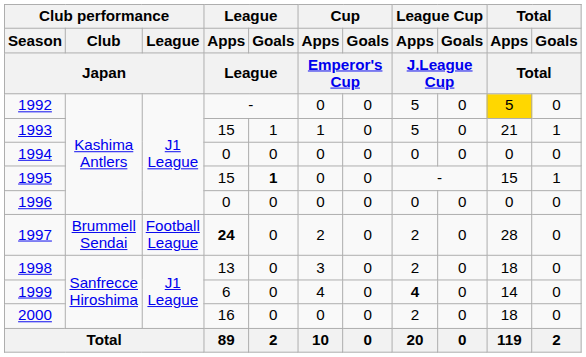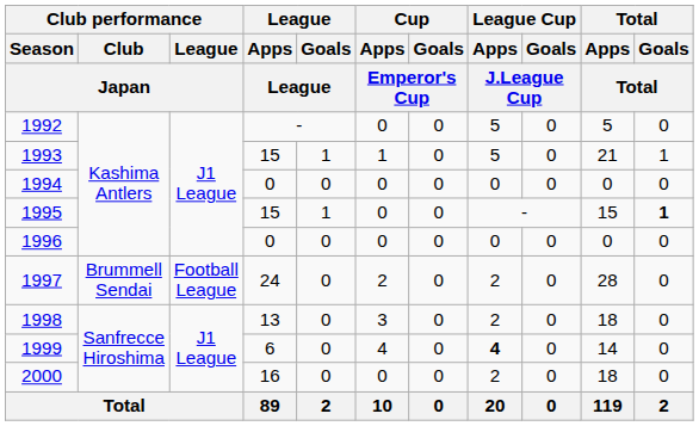 <table class="wikitable" style="text-align:center;">
 <tr>
 <th colspan=3>Club performance</th>
 <th colspan=2>League</th>
 <th colspan=2>Cup</th>
 <th colspan=2>League Cup</th>
 <th colspan=2>Total</th>
 </tr>
 <tr>
 <th>Season</th>
 <th>Club</th>
 <th>League</th>
 <th>Apps</th>
 <th>Goals</th>
 <th>Apps</th>
 <th>Goals</th>
 <th>Apps</th>
 <th>Goals</th>
 <th>Apps</th>
 <th>Goals</th>
 </tr>
 <tr>
 <th colspan=3>Japan</th>
 <th colspan=2>League</th>
 <th colspan=2><a href='#'>Emperor's Cup</a></th>
 <th colspan=2><a href='#'>J.League Cup</a></th>
 <th colspan=2>Total</th>
 </tr>
 <tr>
 <td><a href='#'>1992</a></td>
 <td rowspan="5"><a href='#'>Kashima Antlers</a></td>
 <td rowspan="5"><a href='#'>J1 League</a></td>
 <td colspan="2">-</td>
 <td>0</td>
 <td>0</td>
 <td>5</td>
 <td>0</td>
-<td style="background: gold;">5</td>
+<td>5</td>
 <td>0</td>
 </tr>
 <tr>
 <td><a href='#'>1993</a></td>
 <td>15</td>
 <td>1</td>
 <td>1</td>
 <td>0</td>
 <td>5</td>
 <td>0</td>
 <td>21</td>
 <td>1</td>
 </tr>
 <tr>
 <td><a href='#'>1994</a></td>
 <td>0</td>
 <td>0</td>
 <td>0</td>
 <td>0</td>
 <td>0</td>
 <td>0</td>
 <td>0</td>
 <td>0</td>
 </tr>
 <tr>
 <td><a href='#'>1995</a></td>
 <td>15</td>
-<td><strong>1</strong></td>
+<td>1</td>
 <td>0</td>
 <td>0</td>
 <td colspan="2">-</td>
 <td>15</td>
-<td>1</td>
+<td><strong>1</strong></td>
 </tr>
 <tr>
 <td><a href='#'>1996</a></td>
 <td>0</td>
 <td>0</td>
 <td>0</td>
 <td>0</td>
 <td>0</td>
 <td>0</td>
 <td>0</td>
 <td>0</td>
 </tr>
 <tr>
 <td><a href='#'>1997</a></td>
 <td><a href='#'>Brummell Sendai</a></td>
 <td><a href='#'>Football League</a></td>
-<td><strong>24</strong></td>
+<td>24</td>
 <td>0</td>
 <td>2</td>
 <td>0</td>
 <td>2</td>
 <td>0</td>
 <td>28</td>
 <td>0</td>
 </tr>
 <tr>
 <td><a href='#'>1998</a></td>
 <td rowspan="3"><a href='#'>Sanfrecce Hiroshima</a></td>
 <td rowspan="3"><a href='#'>J1 League</a></td>
 <td>13</td>
 <td>0</td>
 <td>3</td>
 <td>0</td>
 <td>2</td>
 <td>0</td>
 <td>18</td>
 <td>0</td>
 </tr>
 <tr>
 <td><a href='#'>1999</a></td>
 <td>6</td>
 <td>0</td>
 <td>4</td>
 <td>0</td>
 <td><strong>4</strong></td>
 <td>0</td>
 <td>14</td>
 <td>0</td>
 </tr>
 <tr>
 <td><a href='#'>2000</a></td>
 <td>16</td>
 <td>0</td>
 <td>0</td>
 <td>0</td>
 <td>2</td>
 <td>0</td>
 <td>18</td>
 <td>0</td>
 </tr>
 <tr>
 <th colspan=3>Total</th>
 <th>89</th>
 <th>2</th>
 <th>10</th>
 <th>0</th>
 <th>20</th>
 <th>0</th>
 <th>119</th>
 <th>2</th>
 </tr>
 </table>
